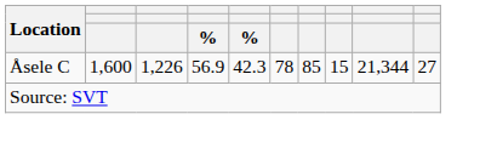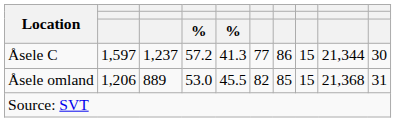 <table role="presentation" class="wikitable sortable mw-collapsible">
 <tr>
 <th rowspan="3">Location</th>
 <th></th>
 <th></th>
 <th></th>
 <th></th>
 <th></th>
 <th></th>
 <th></th>
 <th></th>
 <th></th>
 </tr>
 <tr>
 <th></th>
 <th></th>
 <th style="background:"></th>
 <th style="background:"></th>
 <th></th>
 <th></th>
 <th></th>
 <th></th>
 <th></th>
 </tr>
 <tr>
 <th data-sort-type="number"></th>
 <th data-sort-type="number"></th>
 <th data-sort-type="number">%</th>
 <th data-sort-type="number">%</th>
 <th data-sort-type="number"></th>
 <th data-sort-type="number"></th>
 <th data-sort-type="number"></th>
 <th data-sort-type="number"></th>
 <th data-sort-type="number"></th>
 </tr>
 <tr>
 <td align="left">Åsele C</td>
-<td>1,600</td>
-<td>1,226</td>
-<td>56.9</td>
-<td>42.3</td>
-<td>78</td>
+<td>1,597</td>
+<td>1,237</td>
+<td>57.2</td>
+<td>41.3</td>
+<td>77</td>
+<td>86</td>
+<td>15</td>
+<td>21,344</td>
+<td>30</td>
+</tr>
+<tr>
+<td align="left">Åsele omland</td>
+<td>1,206</td>
+<td>889</td>
+<td>53.0</td>
+<td>45.5</td>
+<td>82</td>
 <td>85</td>
 <td>15</td>
-<td>21,344</td>
-<td>27</td>
+<td>21,368</td>
+<td>31</td>
 </tr>
 <tr>
 <td colspan="10" align="left">Source: <a href='#'>SVT</a></td>
 </tr>
 </table>
